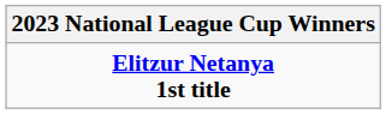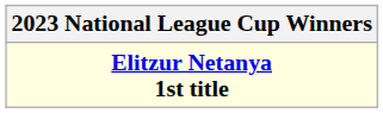 <table class=wikitable style="text-align:center; margin:auto">
 <tr>
 <th>2023 National League Cup Winners</th>
 </tr>
 <tr>
-<td><strong><a href='#'>Elitzur Netanya</a></strong> <br> <strong>1st title</strong></td>
+<td style="background: lightyellow;"><strong><a href='#'>Elitzur Netanya</a></strong> <br> <strong>1st title</strong></td>
 </tr>
 </table>
